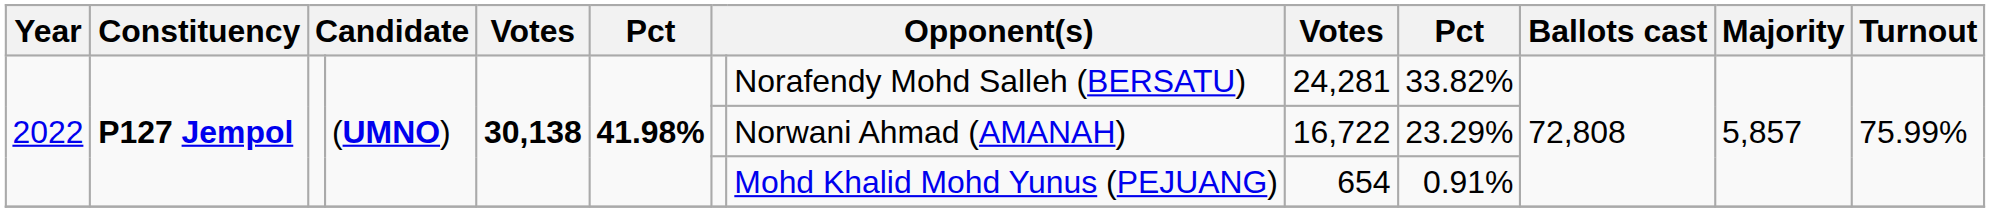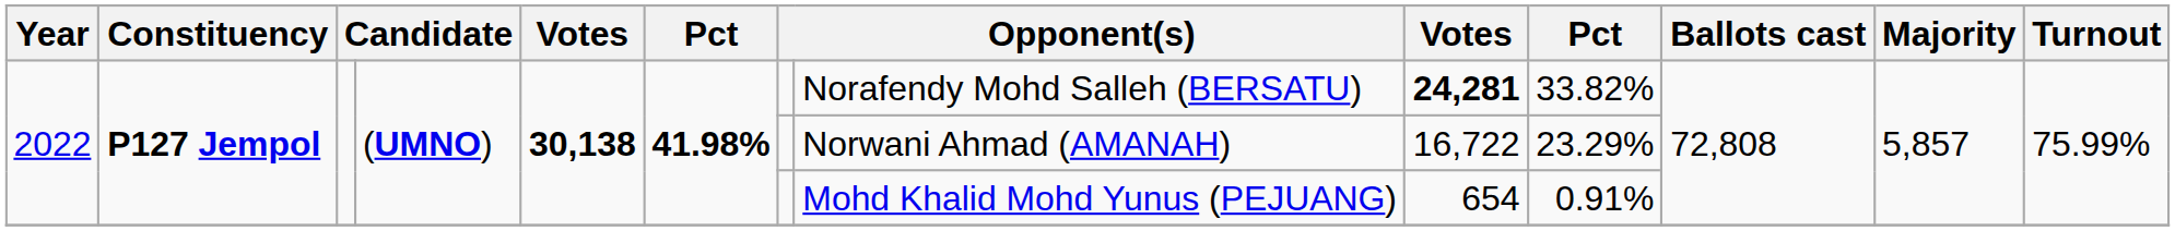 <table class="wikitable" style="margin:0.5em ; font-size:95%">
 <tr>
 <th>Year</th>
 <th>Constituency</th>
 <th colspan=2>Candidate</th>
 <th>Votes</th>
 <th>Pct</th>
 <th colspan=2>Opponent(s)</th>
 <th>Votes</th>
 <th>Pct</th>
 <th>Ballots cast</th>
 <th>Majority</th>
 <th>Turnout</th>
 </tr>
 <tr>
 <td rowspan="3"><a href='#'>2022</a></td>
 <td rowspan="3"><strong>P127 <a href='#'>Jempol</a></strong></td>
 <td rowspan="3" ></td>
 <td rowspan="3"> (<a href='#'><strong>UMNO</strong></a>)</td>
 <td rowspan="3" align="right"><strong>30,138</strong></td>
 <td rowspan="3"><strong>41.98%</strong></td>
 <td></td>
 <td>Norafendy Mohd Salleh	(<a href='#'>BERSATU</a>)</td>
-<td align="right">24,281</td>
+<td align="right"><strong>24,281</strong></td>
 <td>33.82%</td>
 <td rowspan=3>72,808</td>
 <td rowspan=3>5,857</td>
 <td rowspan=3>75.99%</td>
 </tr>
 <tr>
 <td bgcolor=></td>
 <td>Norwani Ahmad (<a href='#'>AMANAH</a>)</td>
 <td align="right">16,722</td>
 <td>23.29%</td>
 </tr>
 <tr>
 <td bgcolor=></td>
 <td><a href='#'>Mohd Khalid Mohd Yunus</a> (<a href='#'>PEJUANG</a>)</td>
 <td align="right">654</td>
 <td align="right">0.91%</td>
 </tr>
 <tr>
 </tr>
 </table>
